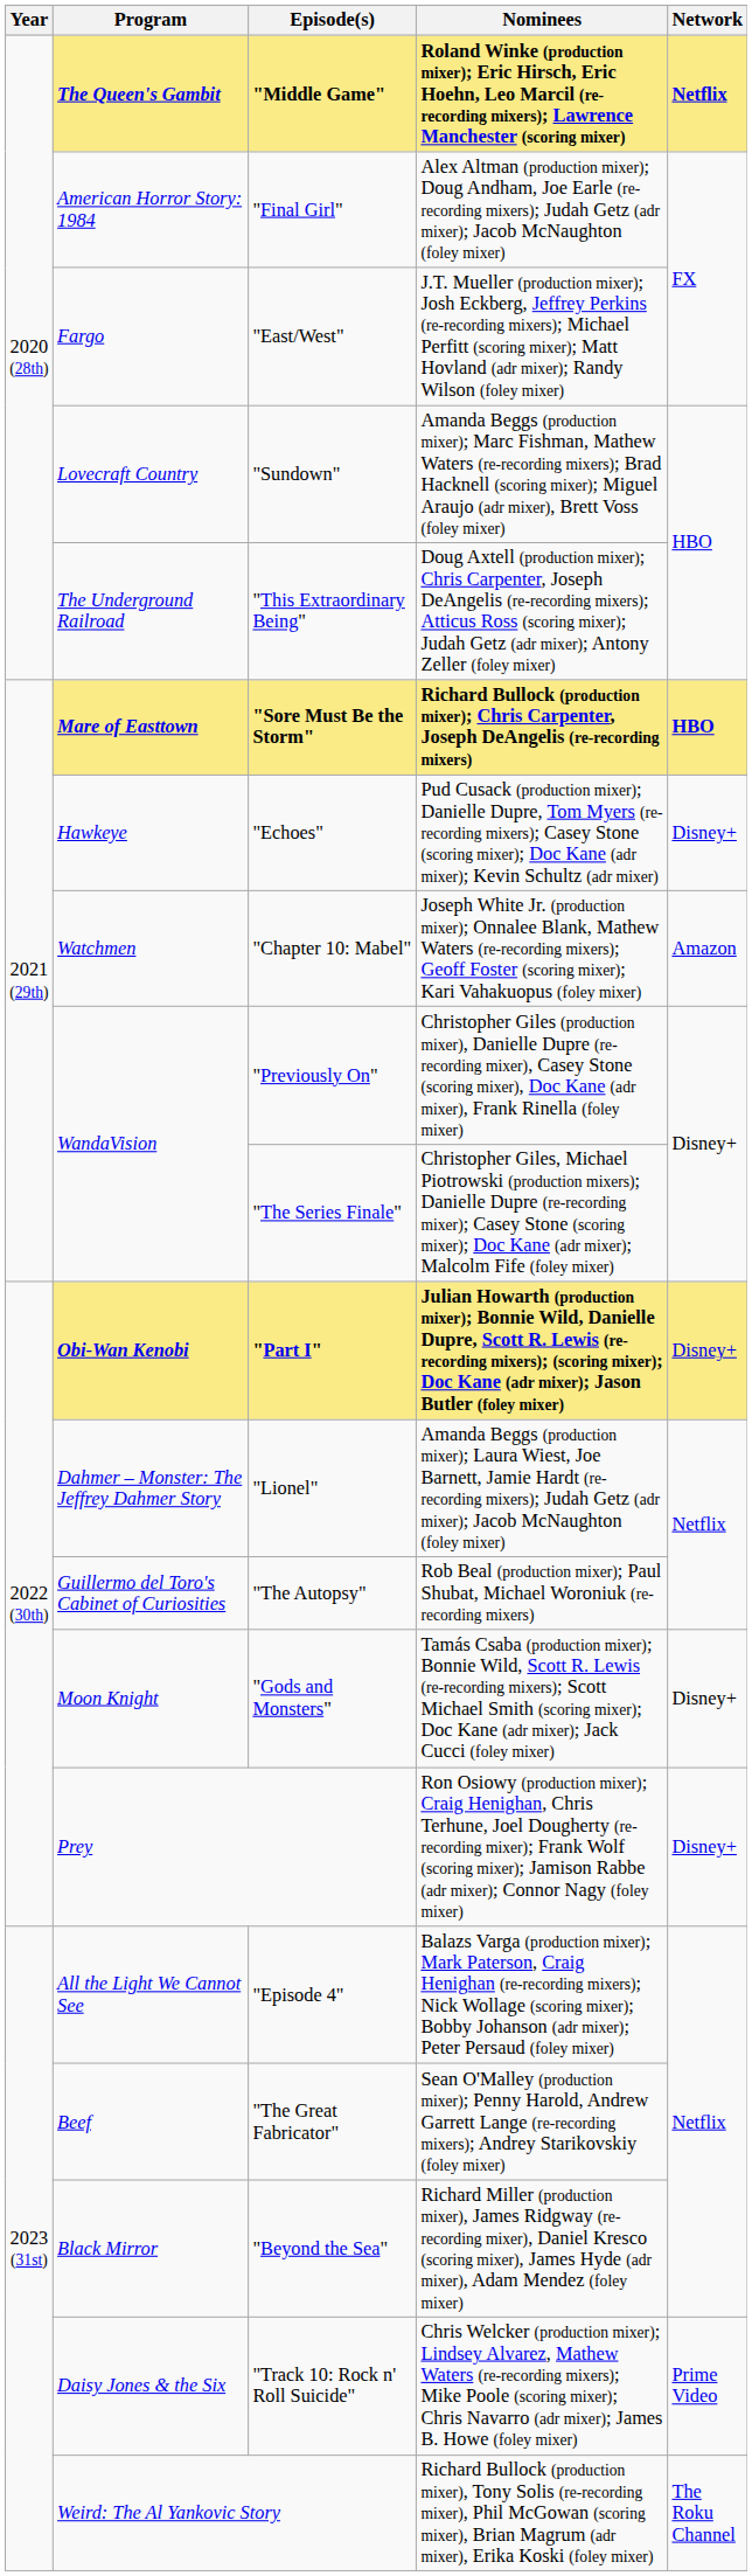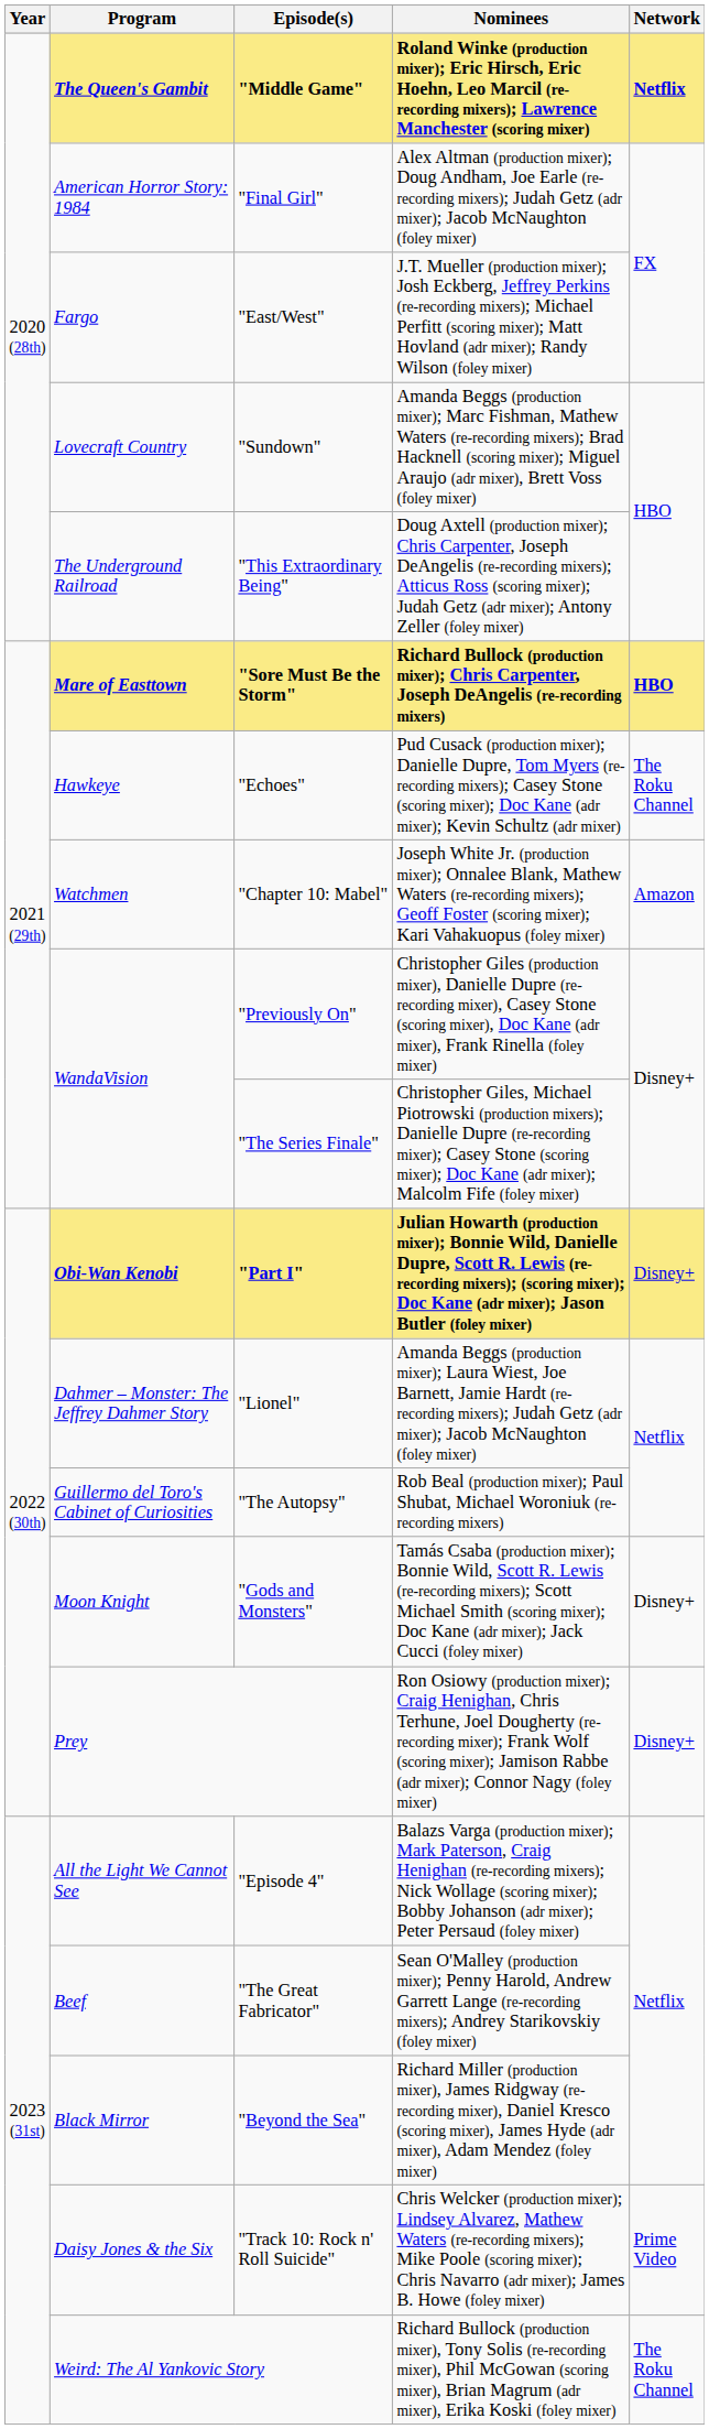 <table class="wikitable" style="width:100%">
 <tr bgcolor="#bebebe">
 <th width="5%">Year</th>
 <th width="30%">Program</th>
 <th width="25%">Episode(s)</th>
 <th width="40%">Nominees</th>
 <th width="5%">Network</th>
 </tr>
 <tr>
 <td rowspan="5" style="text-align:center;">2020 <br><small>(<a href='#'>28th</a>)</small><br></td>
 <td style="background:#FAEB86;"><strong><em><a href='#'>The Queen's Gambit</a></em></strong></td>
 <td style="background:#FAEB86;"><strong>"Middle Game"</strong></td>
 <td style="background:#FAEB86;"><strong>Roland Winke <small>(production mixer)</small>; Eric Hirsch, Eric Hoehn, Leo Marcil <small>(re-recording mixers)</small>; <a href='#'>Lawrence Manchester</a> <small>(scoring mixer)</small></strong></td>
 <td style="background:#FAEB86;"><strong><a href='#'>Netflix</a></strong></td>
 </tr>
 <tr>
 <td><em><a href='#'>American Horror Story: 1984</a></em></td>
 <td>"<a href='#'>Final Girl</a>"</td>
 <td>Alex Altman <small>(production mixer)</small>; Doug Andham, Joe Earle <small>(re-recording mixers)</small>; Judah Getz <small>(adr mixer)</small>; Jacob McNaughton <small>(foley mixer)</small></td>
 <td rowspan="2"><a href='#'>FX</a></td>
 </tr>
 <tr>
 <td><em><a href='#'>Fargo</a></em></td>
 <td>"East/West"</td>
 <td>J.T. Mueller <small>(production mixer)</small>; Josh Eckberg, <a href='#'>Jeffrey Perkins</a> <small>(re-recording mixers)</small>; Michael Perfitt <small>(scoring mixer)</small>; Matt Hovland <small>(adr mixer)</small>; Randy Wilson <small>(foley mixer)</small></td>
 </tr>
 <tr>
 <td><em><a href='#'>Lovecraft Country</a></em></td>
 <td>"Sundown"</td>
 <td>Amanda Beggs <small>(production mixer)</small>; Marc Fishman, Mathew Waters <small>(re-recording mixers)</small>; Brad Hacknell <small>(scoring mixer)</small>; Miguel Araujo <small>(adr mixer)</small>, Brett Voss <small>(foley mixer)</small></td>
 <td rowspan="2"><a href='#'>HBO</a></td>
 </tr>
 <tr>
 <td><em><a href='#'>The Underground Railroad</a></em></td>
 <td>"<a href='#'>This Extraordinary Being</a>"</td>
 <td>Doug Axtell <small>(production mixer)</small>; <a href='#'>Chris Carpenter</a>, Joseph DeAngelis <small>(re-recording mixers)</small>; <a href='#'>Atticus Ross</a> <small>(scoring mixer)</small>; Judah Getz <small>(adr mixer)</small>; Antony Zeller <small>(foley mixer)</small></td>
 </tr>
 <tr>
 <td rowspan="5" style="text-align:center;">2021<br><small>(<a href='#'>29th</a>)</small><br></td>
 <td style="background:#FAEB86;"><strong><em><a href='#'>Mare of Easttown</a></em></strong></td>
 <td style="background:#FAEB86;"><strong>"Sore Must Be the Storm"</strong></td>
 <td style="background:#FAEB86;"><strong>Richard Bullock <small>(production mixer)</small>; <a href='#'>Chris Carpenter</a>, Joseph DeAngelis <small>(re-recording mixers)</small></strong></td>
 <td style="background:#FAEB86;"><strong><a href='#'>HBO</a></strong></td>
 </tr>
 <tr>
 <td><em><a href='#'>Hawkeye</a></em></td>
 <td>"Echoes"</td>
 <td>Pud Cusack <small>(production mixer)</small>; Danielle Dupre, <a href='#'>Tom Myers</a> <small>(re-recording mixers)</small>; Casey Stone <small>(scoring mixer)</small>; <a href='#'>Doc Kane</a> <small>(adr mixer)</small>; Kevin Schultz <small>(adr mixer)</small></td>
-<td><a href='#'>Disney+</a></td>
+<td><a href='#'>The Roku Channel</a></td>
 </tr>
 <tr>
 <td><em><a href='#'>Watchmen</a></em></td>
 <td>"Chapter 10: Mabel"</td>
 <td>Joseph White Jr. <small>(production mixer)</small>; Onnalee Blank, Mathew Waters <small>(re-recording mixers)</small>; <a href='#'>Geoff Foster</a> <small>(scoring mixer)</small>; Kari Vahakuopus <small>(foley mixer)</small></td>
 <td><a href='#'>Amazon</a></td>
 </tr>
 <tr>
 <td rowspan="2'"><em><a href='#'>WandaVision</a></em></td>
 <td>"<a href='#'>Previously On</a>"</td>
 <td>Christopher Giles <small>(production mixer)</small>, Danielle Dupre <small>(re-recording mixer)</small>, Casey Stone <small>(scoring mixer)</small>, <a href='#'>Doc Kane</a> <small>(adr mixer)</small>, Frank Rinella <small>(foley mixer)</small></td>
 <td rowspan="2">Disney+</td>
 </tr>
 <tr>
 <td>"<a href='#'>The Series Finale</a>"</td>
 <td>Christopher Giles, Michael Piotrowski <small>(production mixers)</small>; Danielle Dupre <small>(re-recording mixer)</small>; Casey Stone <small>(scoring mixer)</small>; <a href='#'>Doc Kane</a> <small>(adr mixer)</small>; Malcolm Fife <small>(foley mixer)</small></td>
 </tr>
 <tr>
 <td rowspan="5" style="text-align:center;">2022 <br><small>(<a href='#'>30th</a>)</small><br></td>
 <td style="background:#FAEB86;"><strong><em><a href='#'>Obi-Wan Kenobi</a></em></strong></td>
 <td style="background:#FAEB86;"><strong>"<a href='#'>Part I</a>"</strong></td>
 <td style="background:#FAEB86;"><strong>Julian Howarth <small>(production mixer)</small>; Bonnie Wild, Danielle Dupre, <a href='#'>Scott R. Lewis</a> <small>(re-recording mixers)</small>;  <small>(scoring mixer)</small>; <a href='#'>Doc Kane</a> <small>(adr mixer)</small>; Jason Butler <small>(foley mixer)</small></strong></td>
 <td style="background:#FAEB86;"><a href='#'>Disney+</a></td>
 </tr>
 <tr>
 <td><em><a href='#'>Dahmer – Monster: The Jeffrey Dahmer Story</a></em></td>
 <td>"Lionel"</td>
 <td>Amanda Beggs <small>(production mixer)</small>; Laura Wiest, Joe Barnett, Jamie Hardt <small>(re-recording mixers)</small>; Judah Getz <small>(adr mixer)</small>; Jacob McNaughton <small>(foley mixer)</small></td>
 <td rowspan="2"><a href='#'>Netflix</a></td>
 </tr>
 <tr>
 <td><em><a href='#'>Guillermo del Toro's Cabinet of Curiosities</a></em></td>
 <td>"The Autopsy"</td>
 <td>Rob Beal <small>(production mixer)</small>; Paul Shubat, Michael Woroniuk <small>(re-recording mixers)</small></td>
 </tr>
 <tr>
 <td><em><a href='#'>Moon Knight</a></em></td>
 <td>"<a href='#'>Gods and Monsters</a>"</td>
 <td>Tamás Csaba <small>(production mixer)</small>; Bonnie Wild, <a href='#'>Scott R. Lewis</a> <small>(re-recording mixers)</small>; Scott Michael Smith <small>(scoring mixer)</small>; Doc Kane <small>(adr mixer)</small>; Jack Cucci <small>(foley mixer)</small></td>
 <td>Disney+</td>
 </tr>
 <tr>
 <td colspan="2"><em><a href='#'>Prey</a></em></td>
 <td>Ron Osiowy <small>(production mixer)</small>; <a href='#'>Craig Henighan</a>, Chris Terhune, Joel Dougherty <small>(re-recording mixer)</small>; Frank Wolf <small>(scoring mixer)</small>; Jamison Rabbe <small>(adr mixer)</small>; Connor Nagy <small>(foley mixer)</small></td>
 <td><a href='#'>Disney+</a></td>
 </tr>
 <tr>
 <td rowspan="5" style="text-align:center;">2023 <br><small>(<a href='#'>31st</a>)</small><br></td>
 <td><em><a href='#'>All the Light We Cannot See</a></em></td>
 <td>"Episode 4"</td>
 <td>Balazs Varga <small>(production mixer)</small>; <a href='#'>Mark Paterson</a>, <a href='#'>Craig Henighan</a> <small>(re-recording mixers)</small>; Nick Wollage <small>(scoring mixer)</small>; Bobby Johanson <small>(adr mixer)</small>; Peter Persaud <small>(foley mixer)</small></td>
 <td rowspan="3"><a href='#'>Netflix</a></td>
 </tr>
 <tr>
 <td><em><a href='#'>Beef</a></em></td>
 <td>"The Great Fabricator"</td>
 <td>Sean O'Malley <small>(production mixer)</small>; Penny Harold, Andrew Garrett Lange <small>(re-recording mixers)</small>; Andrey Starikovskiy <small>(foley mixer)</small></td>
 </tr>
 <tr>
 <td><em><a href='#'>Black Mirror</a></em></td>
 <td>"<a href='#'>Beyond the Sea</a>"</td>
 <td>Richard Miller <small>(production mixer)</small>, James Ridgway <small>(re-recording mixer)</small>, Daniel Kresco <small>(scoring mixer)</small>, James Hyde <small>(adr mixer)</small>, Adam Mendez <small>(foley mixer)</small></td>
 </tr>
 <tr>
 <td><em><a href='#'>Daisy Jones & the Six</a></em></td>
 <td>"Track 10: Rock n' Roll Suicide"</td>
 <td>Chris Welcker <small>(production mixer)</small>; <a href='#'>Lindsey Alvarez</a>, <a href='#'>Mathew Waters</a> <small>(re-recording mixers)</small>; Mike Poole <small>(scoring mixer)</small>; Chris Navarro <small>(adr mixer)</small>; James B. Howe <small>(foley mixer)</small></td>
 <td><a href='#'>Prime Video</a></td>
 </tr>
 <tr>
 <td colspan="2"><em><a href='#'>Weird: The Al Yankovic Story</a></em></td>
 <td>Richard Bullock <small>(production mixer)</small>, Tony Solis <small>(re-recording mixer)</small>, Phil McGowan <small>(scoring mixer)</small>, Brian Magrum <small>(adr mixer)</small>, Erika Koski <small>(foley mixer)</small></td>
 <td><a href='#'>The Roku Channel</a></td>
 </tr>
 </table>
